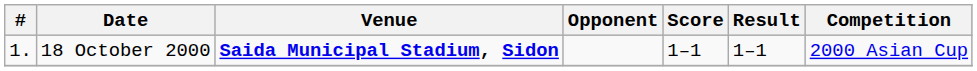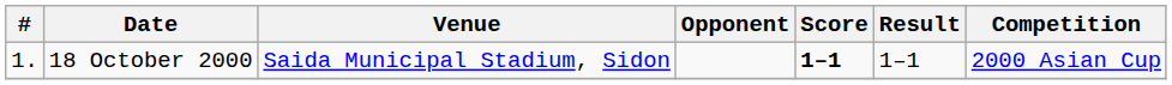 <table class="wikitable">
 <tr>
 <th>#</th>
 <th>Date</th>
 <th>Venue</th>
 <th>Opponent</th>
 <th>Score</th>
 <th>Result</th>
 <th>Competition</th>
 </tr>
 <tr>
 <td>1.</td>
 <td>18 October 2000</td>
-<td><strong><a href='#'>Saida Municipal Stadium</a>, <a href='#'>Sidon</a></strong></td>
+<td><a href='#'>Saida Municipal Stadium</a>, <a href='#'>Sidon</a></td>
 <td></td>
-<td>1–1</td>
+<td><strong>1–1</strong></td>
 <td>1–1</td>
 <td><a href='#'>2000 Asian Cup</a></td>
 </tr>
 <tr>
 </tr>
 </table>
